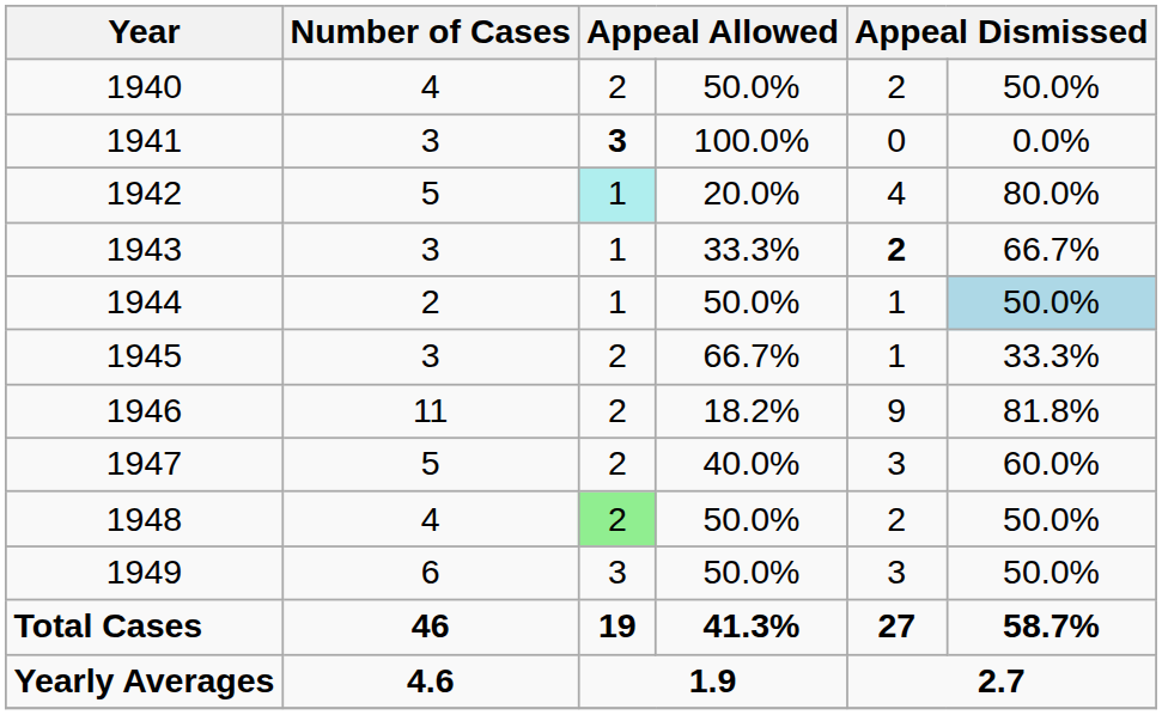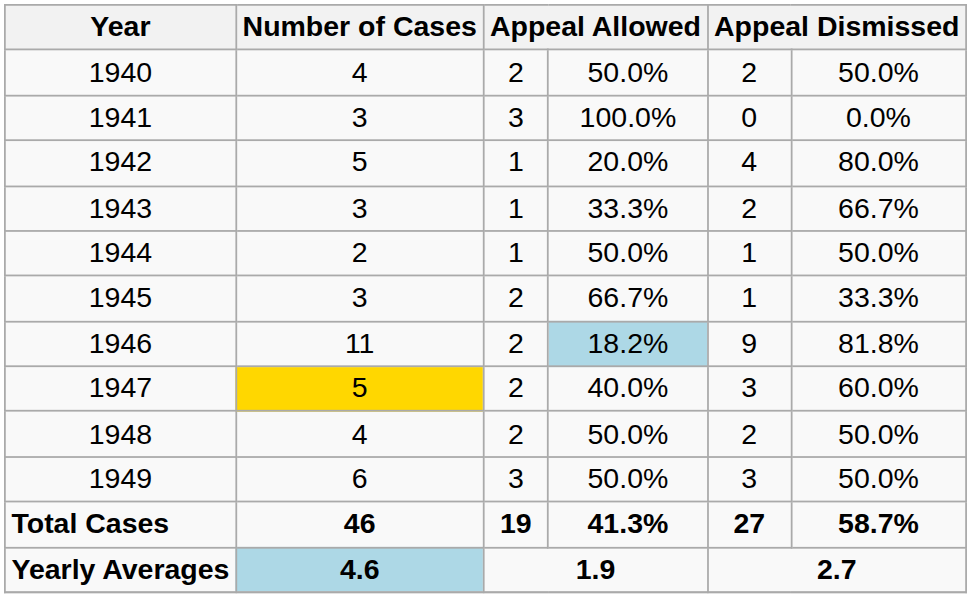 <table class="wikitable sortable">
 <tr>
 <th>Year</th>
 <th>Number of Cases</th>
 <th colspan=2>Appeal Allowed</th>
 <th colspan=2>Appeal Dismissed</th>
 </tr>
 <tr>
 <td style="text-align: center;">1940</td>
 <td style="text-align: center;">4</td>
 <td style="text-align: center;">2</td>
 <td style="text-align: center;">50.0%</td>
 <td style="text-align: center;">2</td>
 <td style="text-align: center;">50.0%</td>
 </tr>
 <tr>
 <td style="text-align: center;">1941</td>
 <td style="text-align: center;">3</td>
-<td style="text-align: center;"><strong>3</strong></td>
+<td style="text-align: center;">3</td>
 <td style="text-align: center;">100.0%</td>
 <td style="text-align: center;">0</td>
 <td style="text-align: center;">0.0%</td>
 </tr>
 <tr>
 <td style="text-align: center;">1942</td>
 <td style="text-align: center;">5</td>
-<td style="background: paleturquoise; text-align: center;">1</td>
+<td style="text-align: center;">1</td>
 <td style="text-align: center;">20.0%</td>
 <td style="text-align: center;">4</td>
 <td style="text-align: center;">80.0%</td>
 </tr>
 <tr>
 <td style="text-align: center;">1943</td>
 <td style="text-align: center;">3</td>
 <td style="text-align: center;">1</td>
 <td style="text-align: center;">33.3%</td>
-<td style="text-align: center;"><strong>2</strong></td>
+<td style="text-align: center;">2</td>
 <td style="text-align: center;">66.7%</td>
 </tr>
 <tr>
 <td style="text-align: center;">1944</td>
 <td style="text-align: center;">2</td>
 <td style="text-align: center;">1</td>
 <td style="text-align: center;">50.0%</td>
 <td style="text-align: center;">1</td>
-<td style="background: lightblue; text-align: center;">50.0%</td>
+<td style="text-align: center;">50.0%</td>
 </tr>
 <tr>
 <td style="text-align: center;">1945</td>
 <td style="text-align: center;">3</td>
 <td style="text-align: center;">2</td>
 <td style="text-align: center;">66.7%</td>
 <td style="text-align: center;">1</td>
 <td style="text-align: center;">33.3%</td>
 </tr>
 <tr>
 <td style="text-align: center;">1946</td>
 <td style="text-align: center;">11</td>
 <td style="text-align: center;">2</td>
-<td style="text-align: center;">18.2%</td>
+<td style="background: lightblue; text-align: center;">18.2%</td>
 <td style="text-align: center;">9</td>
 <td style="text-align: center;">81.8%</td>
 </tr>
 <tr>
 <td style="text-align: center;">1947</td>
-<td style="text-align: center;">5</td>
+<td style="background: gold; text-align: center;">5</td>
 <td style="text-align: center;">2</td>
 <td style="text-align: center;">40.0%</td>
 <td style="text-align: center;">3</td>
 <td style="text-align: center;">60.0%</td>
 </tr>
 <tr>
 <td style="text-align: center;">1948</td>
 <td style="text-align: center;">4</td>
-<td style="background: lightgreen; text-align: center;">2</td>
+<td style="text-align: center;">2</td>
 <td style="text-align: center;">50.0%</td>
 <td style="text-align: center;">2</td>
 <td style="text-align: center;">50.0%</td>
 </tr>
 <tr>
 <td style="text-align: center;">1949</td>
 <td style="text-align: center;">6</td>
 <td style="text-align: center;">3</td>
 <td style="text-align: center;">50.0%</td>
 <td style="text-align: center;">3</td>
 <td style="text-align: center;">50.0%</td>
 </tr>
 <tr>
 <td><strong>Total Cases</strong></td>
 <td style="text-align: center;"><strong>46</strong></td>
 <td style="text-align: center;"><strong>19</strong></td>
 <td style="text-align: center;"><strong>41.3%</strong></td>
 <td style="text-align: center;"><strong>27</strong></td>
 <td style="text-align: center;"><strong>58.7%</strong></td>
 </tr>
 <tr>
 <td><strong>Yearly Averages</strong></td>
-<td style="text-align: center;"><strong>4.6</strong></td>
+<td style="background: lightblue; text-align: center;"><strong>4.6</strong></td>
 <td colspan="2" style="text-align:center;"><strong>1.9</strong></td>
 <td colspan="2" style="text-align:center;"><strong>2.7</strong></td>
 </tr>
 <tr>
 </tr>
 </table>
